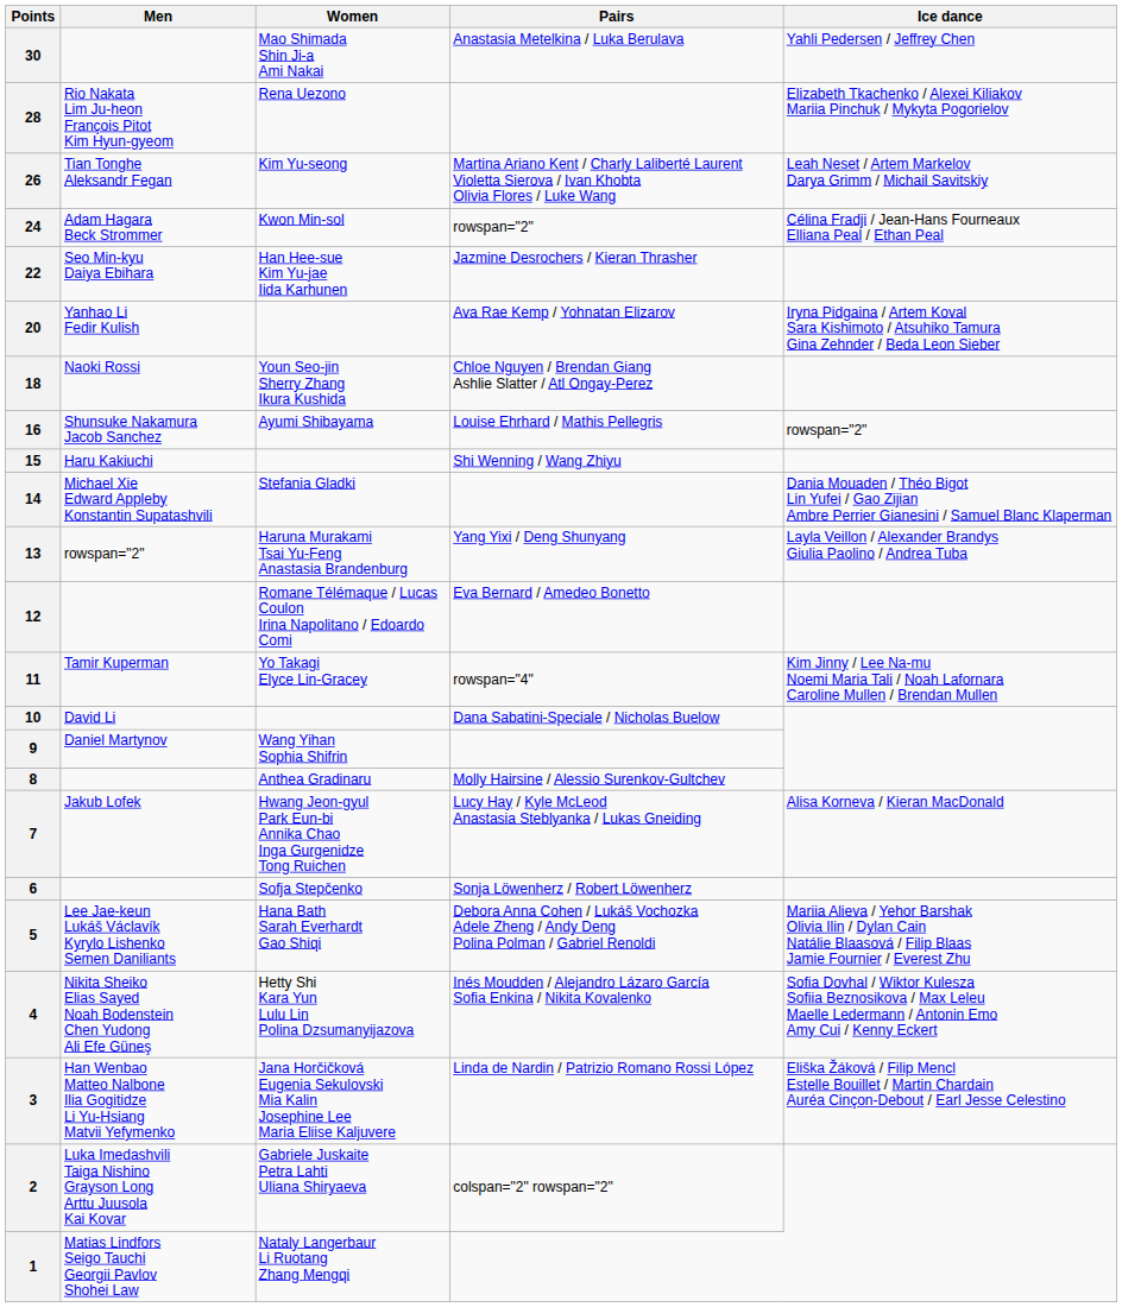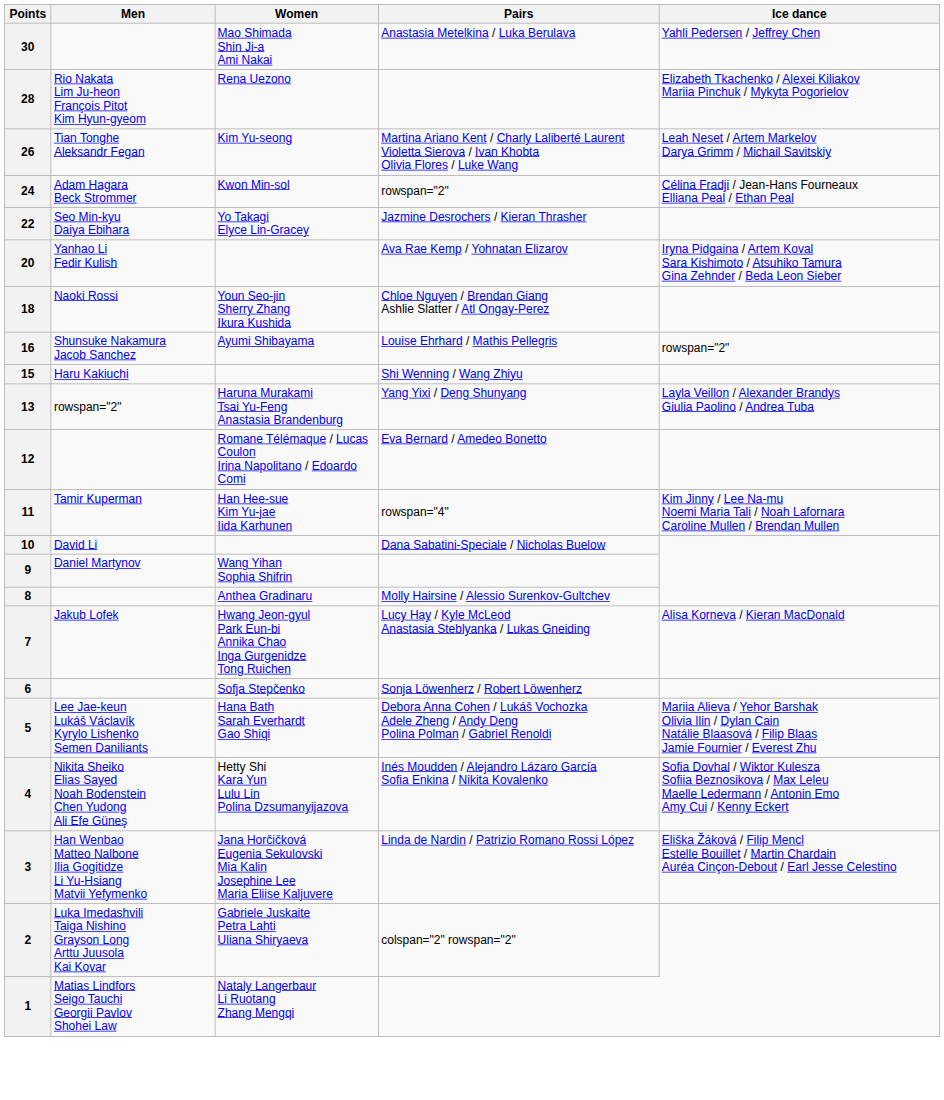 <table class="wikitable">
 <tr>
 <th scope="col" style="width:5%">Points</th>
 <th scope="col" style="width:17.5%">Men</th>
 <th scope="col" style="width:17.5%">Women</th>
 <th scope="col" style="width:30%">Pairs</th>
 <th scope="col" style="width:30%">Ice dance</th>
 </tr>
 <tr>
 <th scope="row">30</th>
 <td></td>
 <td valign="top"> <a href='#'>Mao Shimada</a> <br>  <a href='#'>Shin Ji-a</a> <br>  <a href='#'>Ami Nakai</a></td>
 <td valign="top"> <a href='#'>Anastasia Metelkina</a> / <a href='#'>Luka Berulava</a></td>
 <td valign="top"> <a href='#'>Yahli Pedersen</a> / <a href='#'>Jeffrey Chen</a></td>
 </tr>
 <tr>
 <th scope="row">28</th>
 <td valign="top"> <a href='#'>Rio Nakata</a> <br>  <a href='#'>Lim Ju-heon</a> <br>  <a href='#'>François Pitot</a> <br>  <a href='#'>Kim Hyun-gyeom</a></td>
 <td valign="top"> <a href='#'>Rena Uezono</a></td>
 <td></td>
 <td valign="top"> <a href='#'>Elizabeth Tkachenko</a> / <a href='#'>Alexei Kiliakov</a> <br>  <a href='#'>Mariia Pinchuk</a> / <a href='#'>Mykyta Pogorielov</a></td>
 </tr>
 <tr>
 <th scope="row">26</th>
 <td valign="top"> <a href='#'>Tian Tonghe</a> <br>  <a href='#'>Aleksandr Fegan</a></td>
 <td valign="top"> <a href='#'>Kim Yu-seong</a></td>
 <td valign="top"> <a href='#'>Martina Ariano Kent</a> / <a href='#'>Charly Laliberté Laurent</a> <br>  <a href='#'>Violetta Sierova</a> / <a href='#'>Ivan Khobta</a> <br>  <a href='#'>Olivia Flores</a> / <a href='#'>Luke Wang</a></td>
 <td valign="top"> <a href='#'>Leah Neset</a> / <a href='#'>Artem Markelov</a> <br>  <a href='#'>Darya Grimm</a> / <a href='#'>Michail Savitskiy</a></td>
 </tr>
 <tr>
 <th scope="row">24</th>
 <td valign="top"> <a href='#'>Adam Hagara</a> <br>  <a href='#'>Beck Strommer</a></td>
 <td valign="top"> <a href='#'>Kwon Min-sol</a></td>
 <td>rowspan="2" </td>
 <td valign="top"> <a href='#'>Célina Fradji</a> / Jean-Hans Fourneaux <br>  <a href='#'>Elliana Peal</a> / <a href='#'>Ethan Peal</a></td>
 </tr>
 <tr>
 <th scope="row">22</th>
 <td valign="top"> <a href='#'>Seo Min-kyu</a> <br>  <a href='#'>Daiya Ebihara</a></td>
-<td valign="top"> <a href='#'>Han Hee-sue</a>  <br> <a href='#'>Kim Yu-jae</a> <br> <a href='#'>Iida Karhunen</a></td>
+<td valign="top"> <a href='#'>Yo Takagi</a> <br>  <a href='#'>Elyce Lin-Gracey</a></td>
 <td valign="top"> <a href='#'>Jazmine Desrochers</a> / <a href='#'>Kieran Thrasher</a></td>
 <td></td>
 </tr>
 <tr>
 <th scope="row">20</th>
 <td valign="top"> <a href='#'>Yanhao Li</a> <br>  <a href='#'>Fedir Kulish</a></td>
 <td></td>
 <td valign="top"> <a href='#'>Ava Rae Kemp</a> / <a href='#'>Yohnatan Elizarov</a></td>
 <td valign="top"> <a href='#'>Iryna Pidgaina</a> / <a href='#'>Artem Koval</a> <br>  <a href='#'>Sara Kishimoto</a> / <a href='#'>Atsuhiko Tamura</a> <br>  <a href='#'>Gina Zehnder</a> / <a href='#'>Beda Leon Sieber</a></td>
 </tr>
 <tr>
 <th scope="row">18</th>
 <td valign="top"> <a href='#'>Naoki Rossi</a></td>
 <td valign="top"> <a href='#'>Youn Seo-jin</a><br> <a href='#'>Sherry Zhang</a> <br>  <a href='#'>Ikura Kushida</a></td>
 <td valign="top"> <a href='#'>Chloe Nguyen</a> / <a href='#'>Brendan Giang</a> <br>  Ashlie Slatter / <a href='#'>Atl Ongay-Perez</a></td>
 </tr>
 <tr>
 <th scope="row">16</th>
 <td valign="top"> <a href='#'>Shunsuke Nakamura</a> <br>  <a href='#'>Jacob Sanchez</a></td>
 <td valign="top"> <a href='#'>Ayumi Shibayama</a></td>
 <td valign="top"> <a href='#'>Louise Ehrhard</a> / <a href='#'>Mathis Pellegris</a></td>
 <td>rowspan="2" </td>
 </tr>
 <tr>
 <th scope="row">15</th>
 <td valign="top"> <a href='#'>Haru Kakiuchi</a></td>
 <td></td>
 <td valign="top"> <a href='#'>Shi Wenning</a> / <a href='#'>Wang Zhiyu</a></td>
 </tr>
 <tr>
-<th scope="row">14</th>
-<td valign="top"> <a href='#'>Michael Xie</a> <br>  <a href='#'>Edward Appleby</a> <br>  <a href='#'>Konstantin Supatashvili</a></td>
-<td valign="top"> <a href='#'>Stefania Gladki</a></td>
-<td></td>
-<td valign="top"> <a href='#'>Dania Mouaden</a> / <a href='#'>Théo Bigot</a> <br>  <a href='#'>Lin Yufei</a> / <a href='#'>Gao Zijian</a> <br>  <a href='#'>Ambre Perrier Gianesini</a> / <a href='#'>Samuel Blanc Klaperman</a></td>
-</tr>
-<tr>
 <th scope="row">13</th>
 <td>rowspan="2" </td>
 <td valign="top"> <a href='#'>Haruna Murakami</a> <br> <a href='#'>Tsai Yu-Feng</a> <br>  <a href='#'>Anastasia Brandenburg</a></td>
 <td valign="top"> <a href='#'>Yang Yixi</a> / <a href='#'>Deng Shunyang</a></td>
 <td valign="top"> <a href='#'>Layla Veillon</a> / <a href='#'>Alexander Brandys</a> <br>  <a href='#'>Giulia Paolino</a> / <a href='#'>Andrea Tuba</a></td>
 </tr>
 <tr>
 <th scope="row">12</th>
 <td></td>
 <td valign="top"> <a href='#'>Romane Télémaque</a> / <a href='#'>Lucas Coulon</a> <br>  <a href='#'>Irina Napolitano</a> / <a href='#'>Edoardo Comi</a></td>
 <td valign="top"> <a href='#'>Eva Bernard</a> / <a href='#'>Amedeo Bonetto</a></td>
 </tr>
 <tr>
 <th scope="row">11</th>
 <td valign="top"> <a href='#'>Tamir Kuperman</a></td>
-<td valign="top"> <a href='#'>Yo Takagi</a> <br>  <a href='#'>Elyce Lin-Gracey</a></td>
+<td valign="top"> <a href='#'>Han Hee-sue</a>  <br> <a href='#'>Kim Yu-jae</a> <br> <a href='#'>Iida Karhunen</a></td>
 <td>rowspan="4" </td>
 <td valign="top"> <a href='#'>Kim Jinny</a> / <a href='#'>Lee Na-mu</a> <br>  <a href='#'>Noemi Maria Tali</a> / <a href='#'>Noah Lafornara</a> <br>  <a href='#'>Caroline Mullen</a> / <a href='#'>Brendan Mullen</a></td>
 </tr>
 <tr>
 <th scope="row">10</th>
 <td valign="top"> <a href='#'>David Li</a></td>
 <td></td>
 <td valign="top"> <a href='#'>Dana Sabatini-Speciale</a> / <a href='#'>Nicholas Buelow</a></td>
 </tr>
 <tr>
 <th scope="row">9</th>
 <td valign="top"> <a href='#'>Daniel Martynov</a></td>
 <td valign="top"> <a href='#'>Wang Yihan</a> <br>  <a href='#'>Sophia Shifrin</a></td>
 <td></td>
 </tr>
 <tr>
 <th scope="row">8</th>
 <td></td>
 <td valign="top"> <a href='#'>Anthea Gradinaru</a></td>
 <td valign="top"> <a href='#'>Molly Hairsine</a> / <a href='#'>Alessio Surenkov-Gultchev</a></td>
 </tr>
 <tr>
 <th scope="row">7</th>
 <td valign="top"> <a href='#'>Jakub Lofek</a></td>
 <td valign="top"> <a href='#'>Hwang Jeon-gyul</a> <br>  <a href='#'>Park Eun-bi</a> <br>  <a href='#'>Annika Chao</a> <br>  <a href='#'>Inga Gurgenidze</a> <br>  <a href='#'>Tong Ruichen</a></td>
 <td valign="top"> <a href='#'>Lucy Hay</a> / <a href='#'>Kyle McLeod</a> <br>  <a href='#'>Anastasia Steblyanka</a> / <a href='#'>Lukas Gneiding</a></td>
 <td valign="top"> <a href='#'>Alisa Korneva</a> / <a href='#'>Kieran MacDonald</a></td>
 </tr>
 <tr>
 <th scope="row">6</th>
 <td></td>
 <td valign="top"> <a href='#'>Sofja Stepčenko</a></td>
 <td valign="top"> <a href='#'>Sonja Löwenherz</a> / <a href='#'>Robert Löwenherz</a></td>
 <td></td>
 </tr>
 <tr>
 <th scope="row">5</th>
 <td valign="top"> <a href='#'>Lee Jae-keun</a> <br>  <a href='#'>Lukáš Václavík</a> <br>  <a href='#'>Kyrylo Lishenko</a> <br>  <a href='#'>Semen Daniliants</a></td>
 <td valign="top"> <a href='#'>Hana Bath</a> <br> <a href='#'>Sarah Everhardt</a> <br> <a href='#'>Gao Shiqi</a></td>
 <td valign="top"> <a href='#'>Debora Anna Cohen</a> / <a href='#'>Lukáš Vochozka</a> <br>  <a href='#'>Adele Zheng</a> / <a href='#'>Andy Deng</a> <br>  <a href='#'>Polina Polman</a> / <a href='#'>Gabriel Renoldi</a></td>
 <td valign="top"> <a href='#'>Mariia Alieva</a> / <a href='#'>Yehor Barshak</a> <br>  <a href='#'>Olivia Ilin</a> / <a href='#'>Dylan Cain</a> <br>  <a href='#'>Natálie Blaasová</a> / <a href='#'>Filip Blaas</a> <br>  <a href='#'>Jamie Fournier</a> / <a href='#'>Everest Zhu</a></td>
 </tr>
 <tr>
 <th scope="row">4</th>
 <td valign="top"> <a href='#'>Nikita Sheiko</a> <br>  <a href='#'>Elias Sayed</a> <br>  <a href='#'>Noah Bodenstein</a> <br>  <a href='#'>Chen Yudong</a> <br>  <a href='#'>Ali Efe Güneş</a></td>
 <td valign="top"> Hetty Shi <br> <a href='#'>Kara Yun</a> <br> <a href='#'>Lulu Lin</a> <br> <a href='#'>Polina Dzsumanyijazova</a></td>
 <td valign="top"> <a href='#'>Inés Moudden</a> / <a href='#'>Alejandro Lázaro García</a> <br>  <a href='#'>Sofia Enkina</a> / <a href='#'>Nikita Kovalenko</a></td>
 <td valign="top"> <a href='#'>Sofia Dovhal</a> / <a href='#'>Wiktor Kulesza</a> <br>  <a href='#'>Sofiia Beznosikova</a> / <a href='#'>Max Leleu</a> <br>  <a href='#'>Maelle Ledermann</a> / <a href='#'>Antonin Emo</a> <br>  <a href='#'>Amy Cui</a> / <a href='#'>Kenny Eckert</a></td>
 </tr>
 <tr>
 <th scope="row">3</th>
 <td valign="top"> <a href='#'>Han Wenbao</a> <br>  <a href='#'>Matteo Nalbone</a> <br>  <a href='#'>Ilia Gogitidze</a> <br>  <a href='#'>Li Yu-Hsiang</a> <br>  <a href='#'>Matvii Yefymenko</a></td>
 <td valign="top"> <a href='#'>Jana Horčičková</a> <br>  <a href='#'>Eugenia Sekulovski</a> <br>  <a href='#'>Mia Kalin</a> <br>  <a href='#'>Josephine Lee</a> <br> <a href='#'>Maria Eliise Kaljuvere</a></td>
 <td valign="top"> <a href='#'>Linda de Nardin</a> / <a href='#'>Patrizio Romano Rossi López</a></td>
 <td valign="top"> <a href='#'>Eliška Žáková</a> / <a href='#'>Filip Mencl</a> <br>  <a href='#'>Estelle Bouillet</a> / <a href='#'>Martin Chardain</a> <br>  <a href='#'>Auréa Cinçon-Debout</a> / <a href='#'>Earl Jesse Celestino</a></td>
 </tr>
 <tr>
 <th scope="row">2</th>
 <td valign="top"> <a href='#'>Luka Imedashvili</a> <br>  <a href='#'>Taiga Nishino</a> <br>  <a href='#'>Grayson Long</a> <br>  <a href='#'>Arttu Juusola</a> <br>  <a href='#'>Kai Kovar</a></td>
 <td valign="top"> <a href='#'>Gabriele Juskaite</a> <br>  <a href='#'>Petra Lahti</a> <br> <a href='#'>Uliana Shiryaeva</a></td>
 <td>colspan="2" rowspan="2" </td>
 </tr>
 <tr>
 <th scope="row">1</th>
 <td valign="top"> <a href='#'>Matias Lindfors</a> <br>  <a href='#'>Seigo Tauchi</a> <br>  <a href='#'>Georgii Pavlov</a> <br>  <a href='#'>Shohei Law</a></td>
 <td valign="top"> <a href='#'>Nataly Langerbaur</a> <br> <a href='#'>Li Ruotang</a> <br> <a href='#'>Zhang Mengqi</a></td>
 </tr>
 </table>
